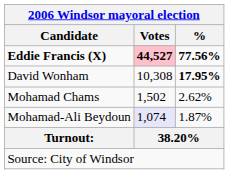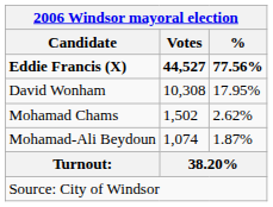 <table class="wikitable">
 <tr>
 <th colspan="3"><a href='#'>2006 Windsor mayoral election</a></th>
 </tr>
 <tr>
 <th>Candidate</th>
 <th>Votes</th>
 <th>%</th>
 </tr>
 <tr>
 <td><strong>Eddie Francis (X)</strong></td>
-<td style="background: pink;"><strong>44,527</strong></td>
+<td><strong>44,527</strong></td>
 <td><strong>77.56%</strong></td>
 </tr>
 <tr>
 <td>David Wonham</td>
 <td>10,308</td>
-<td><strong>17.95%</strong></td>
+<td>17.95%</td>
 </tr>
 <tr>
 <td>Mohamad Chams</td>
 <td>1,502</td>
 <td>2.62%</td>
 </tr>
 <tr>
 <td>Mohamad-Ali Beydoun</td>
-<td style="background: lavender;">1,074</td>
+<td>1,074</td>
 <td>1.87%</td>
 </tr>
 <tr>
 <th>Turnout:</th>
 <th colspan="2">38.20%</th>
 </tr>
 <tr>
 <td colspan="3">Source: City of Windsor</td>
 </tr>
 </table>
